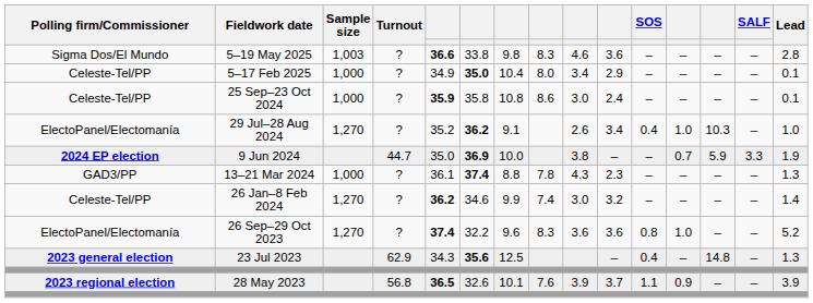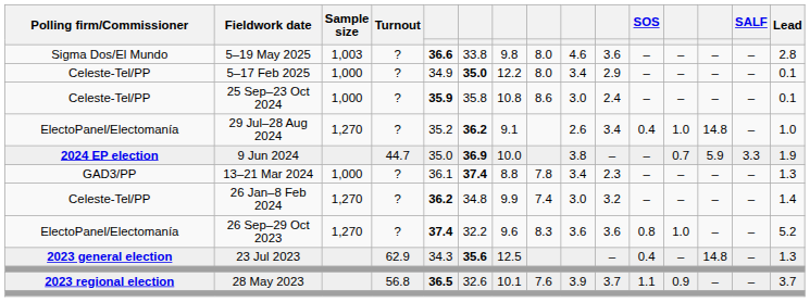 <table class="wikitable collapsible" style="text-align:center; font-size:95%; line-height:16px;">
 <tr style="height:42px;">
 <th style="width:250px;" rowspan="2">Polling firm/Commissioner</th>
 <th style="width:125px;" rowspan="2">Fieldwork date</th>
 <th style="width:50px;" rowspan="2">Sample size</th>
 <th style="width:45px;" rowspan="2">Turnout</th>
 <th style="width:35px;"></th>
 <th style="width:35px;"></th>
 <th style="width:35px;"></th>
 <th style="width:35px;"></th>
 <th style="width:35px;"></th>
 <th style="width:35px;"></th>
 <th style="width:35px;"><a href='#'>SOS</a></th>
 <th style="width:35px;"></th>
 <th style="width:35px;"></th>
 <th style="width:35px;"><a href='#'>SALF</a></th>
 <th rowspan="2" style="width:30px;">Lead</th>
 </tr>
 <tr>
 <th style="color:inherit;background:"></th>
 <th style="color:inherit;background:"></th>
 <th style="color:inherit;background:"></th>
 <th style="color:inherit;background:"></th>
 <th style="color:inherit;background:"></th>
 <th style="color:inherit;background:"></th>
 <th style="color:inherit;background:"></th>
 <th style="color:inherit;background:"></th>
 <th style="color:inherit;background:"></th>
 <th style="color:inherit;background:"></th>
 </tr>
 <tr>
 <td>Sigma Dos/El Mundo</td>
 <td>5–19 May 2025</td>
 <td>1,003</td>
 <td>?</td>
 <td><strong>36.6</strong><br></td>
 <td>33.8<br></td>
 <td>9.8<br></td>
-<td>8.3<br></td>
+<td>8.0<br></td>
 <td>4.6<br></td>
 <td>3.6<br></td>
 <td>–</td>
 <td>–</td>
 <td>–</td>
 <td>–</td>
 <td style="background:">2.8</td>
 </tr>
 <tr>
 <td>Celeste-Tel/PP</td>
 <td>5–17 Feb 2025</td>
 <td>1,000</td>
 <td>?</td>
 <td>34.9<br></td>
 <td><strong>35.0</strong><br></td>
-<td>10.4<br></td>
+<td>12.2<br></td>
 <td>8.0<br></td>
 <td>3.4<br></td>
 <td>2.9<br></td>
 <td>–</td>
 <td>–</td>
 <td>–</td>
 <td>–</td>
 <td style="background:">0.1</td>
 </tr>
 <tr>
 <td>Celeste-Tel/PP</td>
 <td>25 Sep–23 Oct 2024</td>
 <td>1,000</td>
 <td>?</td>
 <td><strong>35.9</strong><br></td>
 <td>35.8<br></td>
 <td>10.8<br></td>
 <td>8.6<br></td>
 <td>3.0<br></td>
 <td>2.4<br></td>
 <td>–</td>
 <td>–</td>
 <td>–</td>
 <td>–</td>
 <td style="background:">0.1</td>
 </tr>
 <tr>
 <td>ElectoPanel/Electomanía</td>
 <td>29 Jul–28 Aug 2024</td>
 <td>1,270</td>
 <td>?</td>
 <td>35.2<br></td>
 <td><strong>36.2</strong><br></td>
 <td>9.1<br></td>
 <td></td>
 <td>2.6<br></td>
 <td>3.4<br></td>
 <td>0.4<br></td>
 <td>1.0<br></td>
-<td>10.3<br></td>
+<td>14.8</td>
 <td>–</td>
 <td style="background:">1.0</td>
 </tr>
 <tr style="background:#EFEFEF;">
 <td><strong><a href='#'>2024 EP election</a></strong></td>
 <td>9 Jun 2024</td>
 <td></td>
 <td>44.7</td>
 <td>35.0</td>
 <td><strong>36.9</strong></td>
 <td>10.0</td>
 <td></td>
 <td>3.8</td>
 <td>–</td>
 <td>–</td>
 <td>0.7</td>
 <td>5.9</td>
 <td>3.3</td>
 <td style="background:">1.9</td>
 </tr>
 <tr>
 <td>GAD3/PP</td>
 <td>13–21 Mar 2024</td>
 <td>1,000</td>
 <td>?</td>
 <td>36.1<br></td>
 <td><strong>37.4</strong><br></td>
 <td>8.8<br></td>
 <td>7.8<br></td>
-<td>4.3<br></td>
+<td>3.4<br></td>
 <td>2.3<br></td>
 <td>–</td>
 <td>–</td>
 <td>–</td>
 <td>–</td>
 <td style="background:">1.3</td>
 </tr>
 <tr>
 <td>Celeste-Tel/PP</td>
 <td>26 Jan–8 Feb 2024</td>
 <td>1,270</td>
 <td>?</td>
 <td><strong>36.2</strong><br></td>
-<td>34.6<br></td>
+<td>34.8<br></td>
 <td>9.9<br></td>
 <td>7.4<br></td>
 <td>3.0<br></td>
 <td>3.2<br></td>
 <td>–</td>
 <td>–</td>
 <td>–</td>
 <td>–</td>
 <td style="background:">1.4</td>
 </tr>
 <tr>
 <td>ElectoPanel/Electomanía</td>
 <td>26 Sep–29 Oct 2023</td>
 <td>1,270</td>
 <td>?</td>
 <td><strong>37.4</strong><br></td>
 <td>32.2<br></td>
 <td>9.6<br></td>
 <td>8.3<br></td>
 <td>3.6<br></td>
 <td>3.6<br></td>
 <td>0.8<br></td>
 <td>1.0<br></td>
 <td>–</td>
 <td>–</td>
 <td style="background:">5.2</td>
 </tr>
 <tr style="background:#EFEFEF;">
 <td><strong><a href='#'>2023 general election</a></strong></td>
 <td>23 Jul 2023</td>
 <td></td>
 <td>62.9</td>
 <td>34.3</td>
 <td><strong>35.6</strong></td>
 <td>12.5</td>
 <td></td>
 <td></td>
 <td>–</td>
 <td>0.4</td>
 <td>–</td>
 <td>14.8</td>
 <td>–</td>
 <td style="background:">1.3</td>
 </tr>
 <tr>
 <td colspan="15" style="background:#A0A0A0"></td>
 </tr>
 <tr style="background:#EFEFEF;">
 <td><strong><a href='#'>2023 regional election</a></strong></td>
 <td>28 May 2023</td>
 <td></td>
 <td>56.8</td>
 <td><strong>36.5</strong><br></td>
 <td>32.6<br></td>
 <td>10.1<br></td>
 <td>7.6<br></td>
 <td>3.9<br></td>
 <td>3.7<br></td>
 <td>1.1<br></td>
 <td>0.9<br></td>
 <td>–</td>
 <td>–</td>
-<td style="background:">3.9</td>
+<td style="background:">3.7</td>
 </tr>
 <tr>
 <td colspan="15" style="background:#A0A0A0"></td>
 </tr>
 </table>
